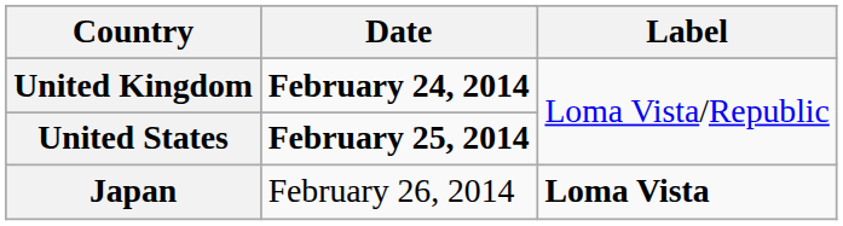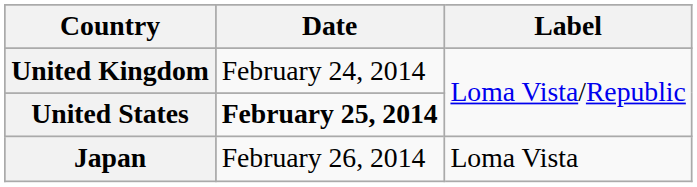 <table class="wikitable plainrowheaders">
 <tr>
 <th scope="col">Country</th>
 <th scope="col">Date</th>
 <th scope="col">Label</th>
 </tr>
 <tr>
 <th scope="row">United Kingdom</th>
-<td><strong>February 24, 2014</strong></td>
+<td>February 24, 2014</td>
 <td rowspan="2"><a href='#'>Loma Vista</a>/<a href='#'>Republic</a></td>
 </tr>
 <tr>
 <th scope="row">United States</th>
 <td><strong>February 25, 2014</strong></td>
 </tr>
 <tr>
 <th scope="row">Japan</th>
 <td>February 26, 2014</td>
-<td><strong>Loma Vista</strong></td>
+<td>Loma Vista</td>
 </tr>
 </table>
